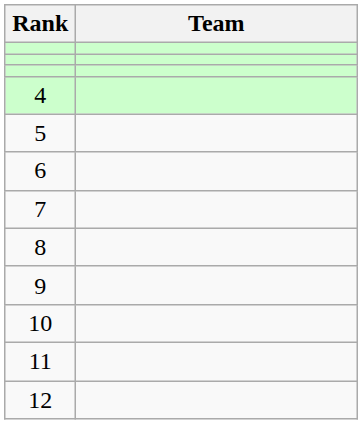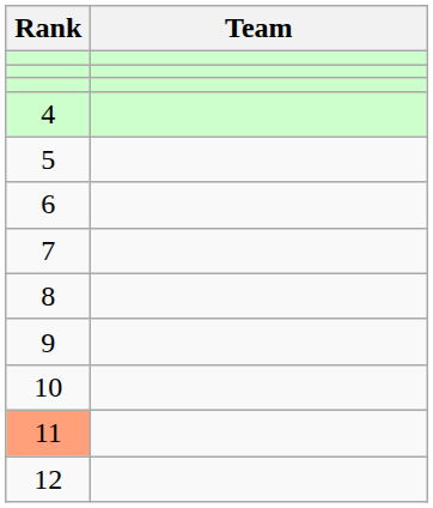 <table class="wikitable" style="text-align: center;">
 <tr>
 <th width="40">Rank</th>
 <th width="180">Team</th>
 </tr>
 <tr bgcolor="#ccffcc">
 <td></td>
 <td align="left"></td>
 </tr>
 <tr bgcolor="#ccffcc">
 <td></td>
 <td align="left"></td>
 </tr>
 <tr bgcolor="#ccffcc">
 <td></td>
 <td align="left"></td>
 </tr>
 <tr bgcolor="#ccffcc">
 <td>4</td>
 <td align="left"></td>
 </tr>
 <tr>
 <td>5</td>
 <td align="left"></td>
 </tr>
 <tr>
 <td>6</td>
 <td align="left"></td>
 </tr>
 <tr>
 <td>7</td>
 <td align="left"></td>
 </tr>
 <tr>
 <td>8</td>
 <td align="left"></td>
 </tr>
 <tr>
 <td>9</td>
 <td align="left"></td>
 </tr>
 <tr>
 <td>10</td>
 <td align="left"></td>
 </tr>
 <tr>
-<td>11</td>
+<td style="background: lightsalmon;">11</td>
 <td align="left"></td>
 </tr>
 <tr>
 <td>12</td>
 <td align="left"></td>
 </tr>
 </table>
